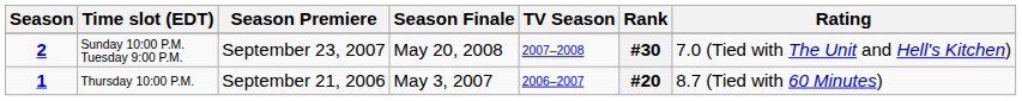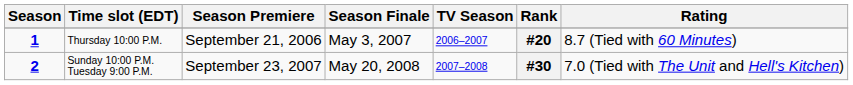 <table class="wikitable">
 <tr style="background-colour:#E0E0E0">
 <th>Season</th>
 <th>Time slot (EDT)</th>
 <th>Season Premiere</th>
 <th>Season Finale</th>
 <th>TV Season</th>
 <th>Rank</th>
 <th>Rating</th>
 </tr>
 <tr style="background-colour:#E0E0E0">
 </tr>
 <tr style="background-colour:#F9F9F9">
+<th style="background:#F9F9F9;text-align:centre"><a href='#'>1</a></th>
+<th style="background:#F9F9F9;font-size:11px;font-weight:normal;text-align:left; line-height:110%">Thursday 10:00 P.M.</th>
+<td>September 21, 2006</td>
+<td>May 3, 2007</td>
+<td style="font-size:11px;text-align:centre"><a href='#'>2006–2007</a></td>
+<th style="text-align:centre">#20</th>
+<td style="text-align:centre">8.7 (Tied with <em><a href='#'>60 Minutes</a></em>)</td>
+</tr>
+<tr style="background-colour:#F9F9F9">
 <th style="background:#F9F9F9;text-align:centre"><a href='#'>2</a></th>
 <th style="background:#F9F9F9;font-size:11px;font-weight:normal;text-align:left; line-height:110%">Sunday 10:00 P.M.<br>Tuesday 9:00 P.M.</th>
 <td>September 23, 2007</td>
 <td>May 20, 2008</td>
 <td style="font-size:11px;text-align:centre"><a href='#'>2007–2008</a></td>
 <th style="text-align:centre">#30</th>
 <td style="text-align:centre">7.0 (Tied with <em><a href='#'>The Unit</a></em> and <em><a href='#'>Hell's Kitchen</a></em>)</td>
 </tr>
-<tr style="background-colour:#F9F9F9">
-<th style="background:#F9F9F9;text-align:centre"><a href='#'>1</a></th>
-<th style="background:#F9F9F9;font-size:11px;font-weight:normal;text-align:left; line-height:110%">Thursday 10:00 P.M.</th>
-<td>September 21, 2006</td>
-<td>May 3, 2007</td>
-<td style="font-size:11px;text-align:centre"><a href='#'>2006–2007</a></td>
-<th style="text-align:centre">#20</th>
-<td style="text-align:centre">8.7 (Tied with <em><a href='#'>60 Minutes</a></em>)</td>
-</tr>
 </table>
